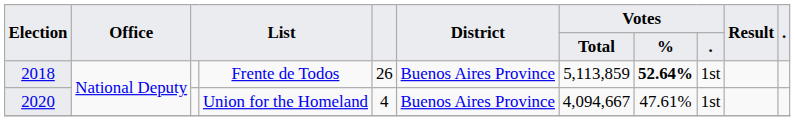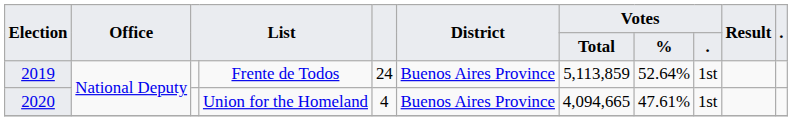 <table class="wikitable" style="font-size:90%; text-align:center;">
 <tr>
 <th style="background-color:#EAECF0;" rowspan=2>Election</th>
 <th style="background-color:#EAECF0;" rowspan=2>Office</th>
 <th style="background-color:#EAECF0;" colspan=2 rowspan=2>List</th>
 <th style="background-color:#EAECF0;" rowspan=2></th>
 <th style="background-color:#EAECF0;" rowspan=2>District</th>
 <th style="background-color:#EAECF0;" colspan=3>Votes</th>
 <th style="background-color:#EAECF0;" rowspan=2>Result</th>
 <th style="background-color:#EAECF0;" rowspan=2>.</th>
 </tr>
 <tr>
 <th style="background-color:#EAECF0;">Total</th>
 <th style="background-color:#EAECF0;">%</th>
 <th style="background-color:#EAECF0;">.</th>
 </tr>
 <tr>
-<td style="background-color:#EAECF0;"><a href='#'>2018</a></td>
+<td style="background-color:#EAECF0;"><a href='#'>2019</a></td>
 <td rowspan="2"><a href='#'>National Deputy</a></td>
 <td style="background-color:"></td>
 <td><a href='#'>Frente de Todos</a></td>
-<td>26</td>
+<td>24</td>
 <td><a href='#'>Buenos Aires Province</a></td>
 <td>5,113,859</td>
-<td><strong>52.64%</strong></td>
+<td>52.64%</td>
 <td>1st</td>
 <td></td>
 <td></td>
 </tr>
 <tr>
 <td style="background-color:#EAECF0;"><a href='#'>2020</a></td>
 <td style="background-color:"></td>
 <td><a href='#'>Union for the Homeland</a></td>
 <td>4</td>
 <td><a href='#'>Buenos Aires Province</a></td>
-<td>4,094,667</td>
+<td>4,094,665</td>
 <td>47.61%</td>
 <td>1st</td>
 <td></td>
 <td></td>
 </tr>
 <tr>
 </tr>
 </table>
